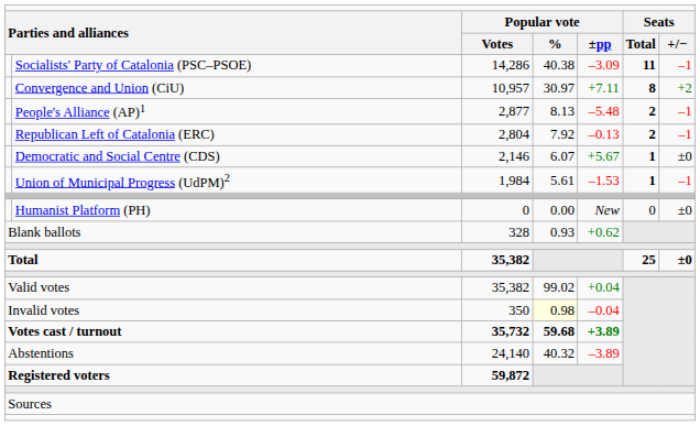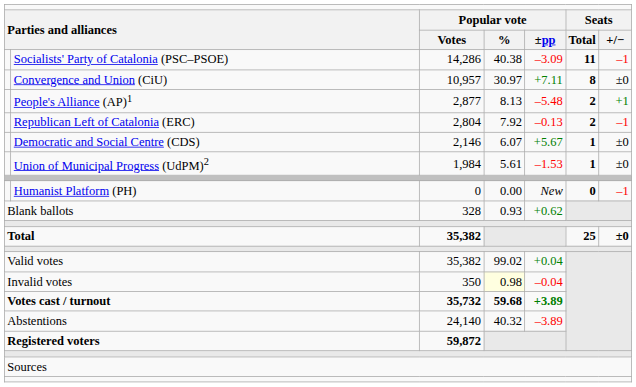 <table class="wikitable" style="text-align:right;">
 <tr>
 <td colspan="7"></td>
 </tr>
 <tr>
 <th style="text-align:left;" rowspan="2" colspan="2" width="525">Parties and alliances</th>
 <th colspan="3">Popular vote</th>
 <th colspan="2">Seats</th>
 </tr>
 <tr>
 <th width="75">Votes</th>
 <th width="45">%</th>
 <th width="45">±<a href='#'>pp</a></th>
 <th width="35">Total</th>
 <th width="35">+/−</th>
 </tr>
 <tr>
 <td width="1" style="color:inherit;background:"></td>
 <td align="left"><a href='#'>Socialists' Party of Catalonia</a> (PSC–PSOE)</td>
 <td>14,286</td>
 <td>40.38</td>
 <td style="color:red;">–3.09</td>
 <td><strong>11</strong></td>
 <td style="color:red;">–1</td>
 </tr>
 <tr>
 <td style="color:inherit;background:"></td>
 <td align="left"><a href='#'>Convergence and Union</a> (CiU)</td>
 <td>10,957</td>
 <td>30.97</td>
 <td style="color:green;">+7.11</td>
 <td><strong>8</strong></td>
-<td style="color:green;">+2</td>
+<td>±0</td>
 </tr>
 <tr>
 <td style="color:inherit;background:"></td>
 <td align="left"><a href='#'>People's Alliance</a> (AP)<sup>1</sup></td>
 <td>2,877</td>
 <td>8.13</td>
 <td style="color:red;">–5.48</td>
 <td><strong>2</strong></td>
-<td style="color:red;">–1</td>
+<td style="color:green;">+1</td>
 </tr>
 <tr>
 <td style="color:inherit;background:"></td>
 <td align="left"><a href='#'>Republican Left of Catalonia</a> (ERC)</td>
 <td>2,804</td>
 <td>7.92</td>
 <td style="color:red;">–0.13</td>
 <td><strong>2</strong></td>
 <td style="color:red;">–1</td>
 </tr>
 <tr>
 <td style="color:inherit;background:"></td>
 <td align="left"><a href='#'>Democratic and Social Centre</a> (CDS)</td>
 <td>2,146</td>
 <td>6.07</td>
 <td style="color:green;">+5.67</td>
 <td><strong>1</strong></td>
 <td>±0</td>
 </tr>
 <tr>
 <td style="color:inherit;background:"></td>
 <td align="left"><a href='#'>Union of Municipal Progress</a> (UdPM)<sup>2</sup></td>
 <td>1,984</td>
 <td>5.61</td>
 <td style="color:red;">–1.53</td>
 <td><strong>1</strong></td>
-<td style="color:red;">–1</td>
+<td>±0</td>
 </tr>
 <tr>
 <td colspan="7" style="color:inherit;background:#C0C0C0"></td>
 </tr>
 <tr>
 <td style="color:inherit;background:"></td>
 <td align="left"><a href='#'>Humanist Platform</a> (PH)</td>
 <td>0</td>
 <td>0.00</td>
 <td><em>New</em></td>
-<td>0</td>
-<td>±0</td>
+<td><strong>0</strong></td>
+<td style="color:red;">–1</td>
 </tr>
 <tr>
 <td align="left" colspan="2">Blank ballots</td>
 <td>328</td>
 <td>0.93</td>
 <td style="color:green;">+0.62</td>
 <td style="color:inherit;background:#E9E9E9" colspan="2"></td>
 </tr>
 <tr>
 <td colspan="7" style="color:inherit;background:#E9E9E9"></td>
 </tr>
 <tr style="font-weight:bold;">
 <td align="left" colspan="2">Total</td>
 <td>35,382</td>
 <td bgcolor="#E9E9E9" colspan="2"></td>
 <td>25</td>
 <td>±0</td>
 </tr>
 <tr>
 <td colspan="7" style="color:inherit;background:#E9E9E9"></td>
 </tr>
 <tr>
 <td align="left" colspan="2">Valid votes</td>
 <td>35,382</td>
 <td>99.02</td>
 <td style="color:green;">+0.04</td>
 <td bgcolor="#E9E9E9" colspan="2" rowspan="5"></td>
 </tr>
 <tr>
 <td align="left" colspan="2">Invalid votes</td>
 <td>350</td>
 <td style="background: lightyellow;">0.98</td>
 <td style="color:red;">–0.04</td>
 </tr>
 <tr style="font-weight:bold;">
 <td align="left" colspan="2">Votes cast / turnout</td>
 <td>35,732</td>
 <td>59.68</td>
 <td style="color:green;">+3.89</td>
 </tr>
 <tr>
 <td align="left" colspan="2">Abstentions</td>
 <td>24,140</td>
 <td>40.32</td>
 <td style="color:red;">–3.89</td>
 </tr>
 <tr style="font-weight:bold;">
 <td align="left" colspan="2">Registered voters</td>
 <td>59,872</td>
 <td bgcolor="#E9E9E9" colspan="2"></td>
 </tr>
 <tr>
 <td colspan="7" style="color:inherit;background:#E9E9E9"></td>
 </tr>
 <tr>
 <td align="left" colspan="7">Sources</td>
 </tr>
 <tr>
 <td colspan="7" style="text-align:left; max-width:790px;"></td>
 </tr>
 </table>
